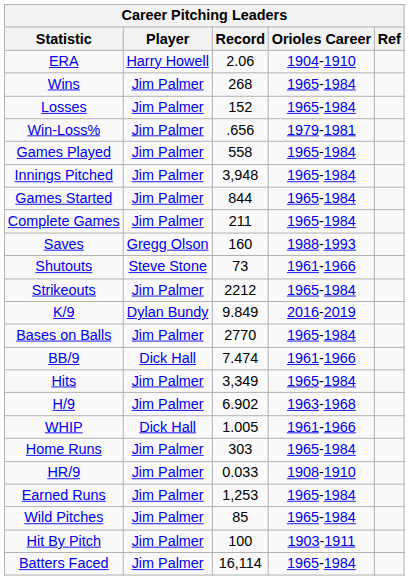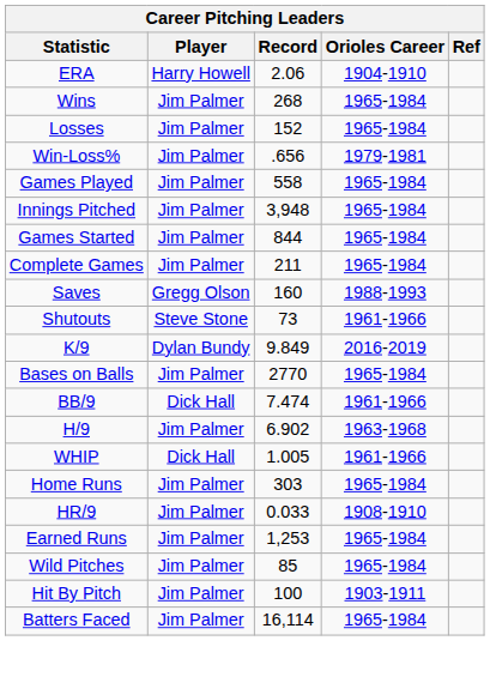 <table class="wikitable sortable" style="text-align:center">
 <tr>
 <th colspan=5>Career Pitching Leaders</th>
 </tr>
 <tr>
 <th scope="col">Statistic</th>
 <th scope="col">Player</th>
 <th scope="col" class="unsortable">Record</th>
 <th scope="col">Orioles Career</th>
 <th scope="col" class="unsortable">Ref</th>
 </tr>
 <tr>
 <td><a href='#'>ERA</a></td>
 <td><a href='#'>Harry Howell</a></td>
 <td>2.06</td>
 <td><a href='#'>1904</a>-<a href='#'>1910</a></td>
 <td></td>
 </tr>
 <tr>
 <td><a href='#'>Wins</a></td>
 <td><a href='#'>Jim Palmer</a></td>
 <td>268</td>
 <td><a href='#'>1965</a>-<a href='#'>1984</a></td>
 <td></td>
 </tr>
 <tr>
 <td><a href='#'>Losses</a></td>
 <td><a href='#'>Jim Palmer</a></td>
 <td>152</td>
 <td><a href='#'>1965</a>-<a href='#'>1984</a></td>
 <td></td>
 </tr>
 <tr>
 <td><a href='#'>Win-Loss%</a></td>
 <td><a href='#'>Jim Palmer</a></td>
 <td>.656</td>
 <td><a href='#'>1979</a>-<a href='#'>1981</a></td>
 <td></td>
 </tr>
 <tr>
 <td><a href='#'>Games Played</a></td>
 <td><a href='#'>Jim Palmer</a></td>
 <td>558</td>
 <td><a href='#'>1965</a>-<a href='#'>1984</a></td>
 <td></td>
 </tr>
 <tr>
 <td><a href='#'>Innings Pitched</a></td>
 <td><a href='#'>Jim Palmer</a></td>
 <td>3,948</td>
 <td><a href='#'>1965</a>-<a href='#'>1984</a></td>
 <td></td>
 </tr>
 <tr>
 <td><a href='#'>Games Started</a></td>
 <td><a href='#'>Jim Palmer</a></td>
 <td>844</td>
 <td><a href='#'>1965</a>-<a href='#'>1984</a></td>
 <td></td>
 </tr>
 <tr>
 <td><a href='#'>Complete Games</a></td>
 <td><a href='#'>Jim Palmer</a></td>
 <td>211</td>
 <td><a href='#'>1965</a>-<a href='#'>1984</a></td>
 <td></td>
 </tr>
 <tr>
 <td><a href='#'>Saves</a></td>
 <td><a href='#'>Gregg Olson</a></td>
 <td>160</td>
 <td><a href='#'>1988</a>-<a href='#'>1993</a></td>
 <td></td>
 </tr>
 <tr>
 <td><a href='#'>Shutouts</a></td>
 <td><a href='#'>Steve Stone</a></td>
 <td>73</td>
 <td><a href='#'>1961</a>-<a href='#'>1966</a></td>
 <td></td>
 </tr>
 <tr>
-<td><a href='#'>Strikeouts</a></td>
-<td><a href='#'>Jim Palmer</a></td>
-<td>2212</td>
-<td><a href='#'>1965</a>-<a href='#'>1984</a></td>
-<td></td>
-</tr>
-<tr>
 <td><a href='#'>K/9</a></td>
 <td><a href='#'>Dylan Bundy</a></td>
 <td>9.849</td>
 <td><a href='#'>2016</a>-<a href='#'>2019</a></td>
 <td></td>
 </tr>
 <tr>
 <td><a href='#'>Bases on Balls</a></td>
 <td><a href='#'>Jim Palmer</a></td>
 <td>2770</td>
 <td><a href='#'>1965</a>-<a href='#'>1984</a></td>
 <td></td>
 </tr>
 <tr>
 <td><a href='#'>BB/9</a></td>
 <td><a href='#'>Dick Hall</a></td>
 <td>7.474</td>
 <td><a href='#'>1961</a>-<a href='#'>1966</a></td>
-<td></td>
-</tr>
-<tr>
-<td><a href='#'>Hits</a></td>
-<td><a href='#'>Jim Palmer</a></td>
-<td>3,349</td>
-<td><a href='#'>1965</a>-<a href='#'>1984</a></td>
 <td></td>
 </tr>
 <tr>
 <td><a href='#'>H/9</a></td>
 <td><a href='#'>Jim Palmer</a></td>
 <td>6.902</td>
 <td><a href='#'>1963</a>-<a href='#'>1968</a></td>
 <td></td>
 </tr>
 <tr>
 <td><a href='#'>WHIP</a></td>
 <td><a href='#'>Dick Hall</a></td>
 <td>1.005</td>
 <td><a href='#'>1961</a>-<a href='#'>1966</a></td>
 <td></td>
 </tr>
 <tr>
 <td><a href='#'>Home Runs</a></td>
 <td><a href='#'>Jim Palmer</a></td>
 <td>303</td>
 <td><a href='#'>1965</a>-<a href='#'>1984</a></td>
 <td></td>
 </tr>
 <tr>
 <td><a href='#'>HR/9</a></td>
 <td><a href='#'>Jim Palmer</a></td>
 <td>0.033</td>
 <td><a href='#'>1908</a>-<a href='#'>1910</a></td>
 <td></td>
 </tr>
 <tr>
 <td><a href='#'>Earned Runs</a></td>
 <td><a href='#'>Jim Palmer</a></td>
 <td>1,253</td>
 <td><a href='#'>1965</a>-<a href='#'>1984</a></td>
 <td></td>
 </tr>
 <tr>
 <td><a href='#'>Wild Pitches</a></td>
 <td><a href='#'>Jim Palmer</a></td>
 <td>85</td>
 <td><a href='#'>1965</a>-<a href='#'>1984</a></td>
 <td></td>
 </tr>
 <tr>
 <td><a href='#'>Hit By Pitch</a></td>
 <td><a href='#'>Jim Palmer</a></td>
 <td>100</td>
 <td><a href='#'>1903</a>-<a href='#'>1911</a></td>
 <td></td>
 </tr>
 <tr>
 <td><a href='#'>Batters Faced</a></td>
 <td><a href='#'>Jim Palmer</a></td>
 <td>16,114</td>
 <td><a href='#'>1965</a>-<a href='#'>1984</a></td>
 <td></td>
 </tr>
 </table>
